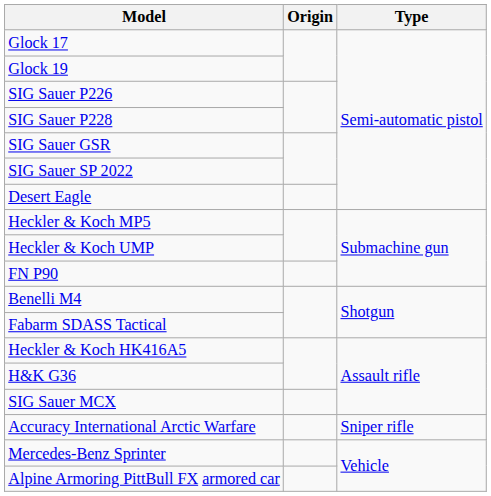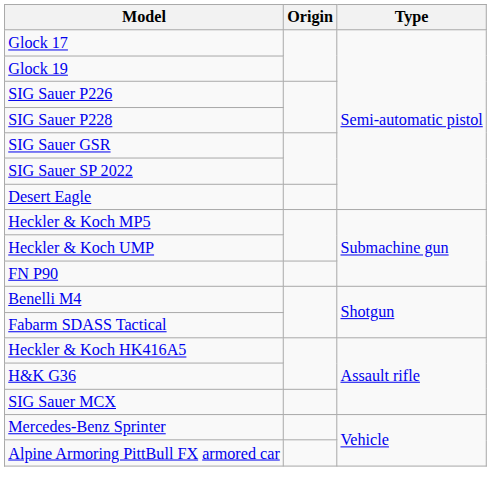 <table class="wikitable">
 <tr>
 <th>Model</th>
 <th>Origin</th>
 <th>Type</th>
 </tr>
 <tr>
 <td><a href='#'>Glock 17</a></td>
 <td rowspan="2"></td>
 <td rowspan="7"><a href='#'>Semi-automatic pistol</a></td>
 </tr>
 <tr>
 <td><a href='#'>Glock 19</a></td>
 </tr>
 <tr>
 <td><a href='#'>SIG Sauer P226</a></td>
 <td rowspan="2"></td>
 </tr>
 <tr>
 <td><a href='#'>SIG Sauer P228</a></td>
 </tr>
 <tr>
 <td><a href='#'>SIG Sauer GSR</a></td>
 <td rowspan="2"></td>
 </tr>
 <tr>
 <td><a href='#'>SIG Sauer SP 2022</a></td>
 </tr>
 <tr>
 <td><a href='#'>Desert Eagle</a></td>
 <td></td>
 </tr>
 <tr>
 <td><a href='#'>Heckler & Koch MP5</a></td>
 <td rowspan="2"></td>
 <td rowspan="3"><a href='#'>Submachine gun</a></td>
 </tr>
 <tr>
 <td><a href='#'>Heckler & Koch UMP</a></td>
 </tr>
 <tr>
 <td><a href='#'>FN P90</a></td>
 <td></td>
 </tr>
 <tr>
 <td><a href='#'>Benelli M4</a></td>
 <td rowspan="2"></td>
 <td rowspan="2"><a href='#'>Shotgun</a></td>
 </tr>
 <tr>
 <td><a href='#'>Fabarm SDASS Tactical</a></td>
 </tr>
 <tr>
 <td><a href='#'>Heckler & Koch HK416A5</a></td>
 <td rowspan="2"></td>
 <td rowspan="3"><a href='#'>Assault rifle</a></td>
 </tr>
 <tr>
 <td><a href='#'>H&K G36</a></td>
 </tr>
 <tr>
 <td><a href='#'>SIG Sauer MCX</a></td>
 <td></td>
 </tr>
 <tr>
-<td><a href='#'>Accuracy International Arctic Warfare</a></td>
-<td></td>
-<td><a href='#'>Sniper rifle</a></td>
-</tr>
-<tr>
 <td><a href='#'>Mercedes-Benz Sprinter</a></td>
 <td></td>
 <td rowspan="2"><a href='#'>Vehicle</a></td>
 </tr>
 <tr>
 <td><a href='#'>Alpine Armoring PittBull FX</a> <a href='#'>armored car</a></td>
 <td></td>
 </tr>
 </table>
